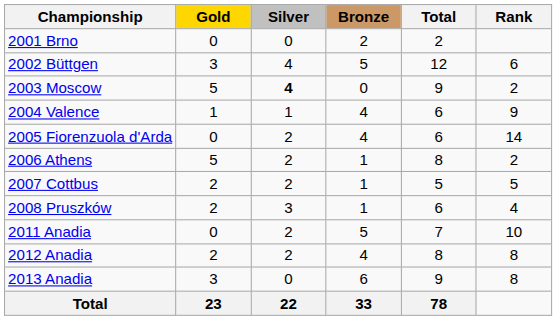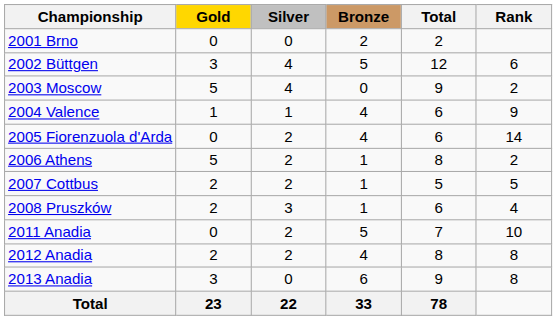 <table class="wikitable sortable" border="1" style="text-align:center; font-size:90%;">
 <tr>
 <th style="width:15:em;">Championship</th>
 <td style="background:gold; width:4.5em; font-weight:bold;">Gold</td>
 <td style="background:silver; width:4.5em; font-weight:bold;">Silver</td>
 <td style="background:#cc9966; width:4.5em; font-weight:bold;">Bronze</td>
 <th style="width:4.5em;">Total</th>
 <th style="width:4.5em;">Rank</th>
 </tr>
 <tr>
 <td align=left> <a href='#'>2001 Brno</a></td>
 <td>0</td>
 <td>0</td>
 <td>2</td>
 <td>2</td>
 <td></td>
 </tr>
 <tr>
 <td align=left> <a href='#'>2002 Büttgen</a></td>
 <td>3</td>
 <td>4</td>
 <td>5</td>
 <td>12</td>
 <td>6</td>
 </tr>
 <tr>
 <td align=left> <a href='#'>2003 Moscow</a></td>
 <td>5</td>
-<td><strong>4</strong></td>
+<td>4</td>
 <td>0</td>
 <td>9</td>
 <td>2</td>
 </tr>
 <tr>
 <td align=left> <a href='#'>2004 Valence</a></td>
 <td>1</td>
 <td>1</td>
 <td>4</td>
 <td>6</td>
 <td>9</td>
 </tr>
 <tr>
 <td align=left> <a href='#'>2005 Fiorenzuola d'Arda</a></td>
 <td>0</td>
 <td>2</td>
 <td>4</td>
 <td>6</td>
 <td>14</td>
 </tr>
 <tr>
 <td align=left> <a href='#'>2006 Athens</a></td>
 <td>5</td>
 <td>2</td>
 <td>1</td>
 <td>8</td>
 <td>2</td>
 </tr>
 <tr>
 <td align=left> <a href='#'>2007 Cottbus</a></td>
 <td>2</td>
 <td>2</td>
 <td>1</td>
 <td>5</td>
 <td>5</td>
 </tr>
 <tr>
 <td align=left> <a href='#'>2008 Pruszków</a></td>
 <td>2</td>
 <td>3</td>
 <td>1</td>
 <td>6</td>
 <td>4</td>
 </tr>
 <tr>
 <td align=left> <a href='#'>2011 Anadia</a></td>
 <td>0</td>
 <td>2</td>
 <td>5</td>
 <td>7</td>
 <td>10</td>
 </tr>
 <tr>
 <td align=left> <a href='#'>2012 Anadia</a></td>
 <td>2</td>
 <td>2</td>
 <td>4</td>
 <td>8</td>
 <td>8</td>
 </tr>
 <tr>
 <td align=left> <a href='#'>2013 Anadia</a></td>
 <td>3</td>
 <td>0</td>
 <td>6</td>
 <td>9</td>
 <td>8</td>
 </tr>
 <tr>
 <th>Total</th>
 <th>23</th>
 <th>22</th>
 <th>33</th>
 <th>78</th>
 </tr>
 </table>
